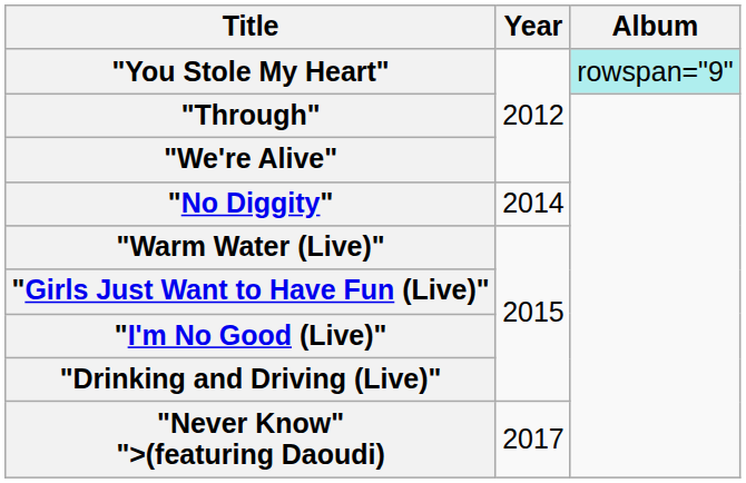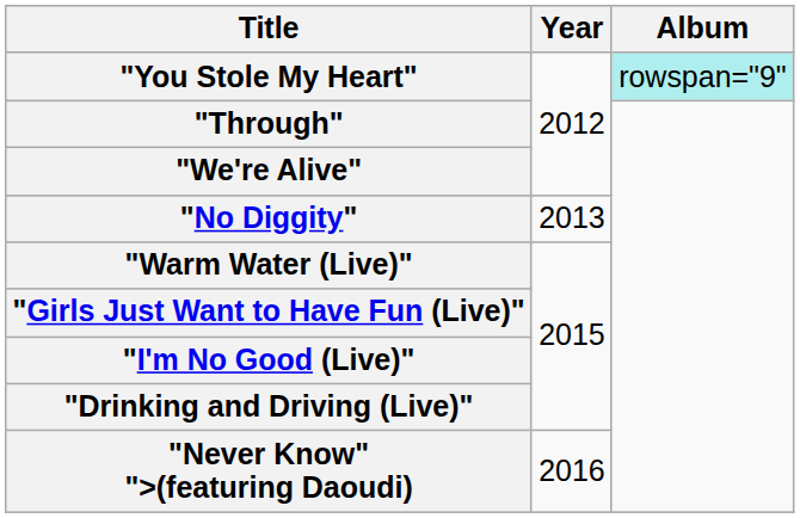 <table class="wikitable plainrowheaders">
 <tr>
 <th>Title</th>
 <th>Year</th>
 <th>Album</th>
 </tr>
 <tr>
 <th scope="row">"You Stole My Heart"</th>
 <td rowspan="3">2012</td>
 <td style="background: paleturquoise;">rowspan="9" </td>
 </tr>
 <tr>
 <th scope="row">"Through"</th>
 </tr>
 <tr>
 <th scope="row">"We're Alive"</th>
 </tr>
 <tr>
 <th scope="row">"<a href='#'>No Diggity</a>"</th>
-<td>2014</td>
+<td>2013</td>
 </tr>
 <tr>
 <th scope="row">"Warm Water (Live)"</th>
 <td rowspan="4">2015</td>
 </tr>
 <tr>
 <th scope="row">"<a href='#'>Girls Just Want to Have Fun</a> (Live)"</th>
 </tr>
 <tr>
 <th scope="row">"<a href='#'>I'm No Good</a> (Live)"</th>
 </tr>
 <tr>
 <th scope="row">"Drinking and Driving (Live)"</th>
 </tr>
 <tr>
 <th scope="row">"Never Know"<br><span>">(featuring Daoudi)</span></th>
-<td>2017</td>
+<td>2016</td>
 </tr>
 </table>
